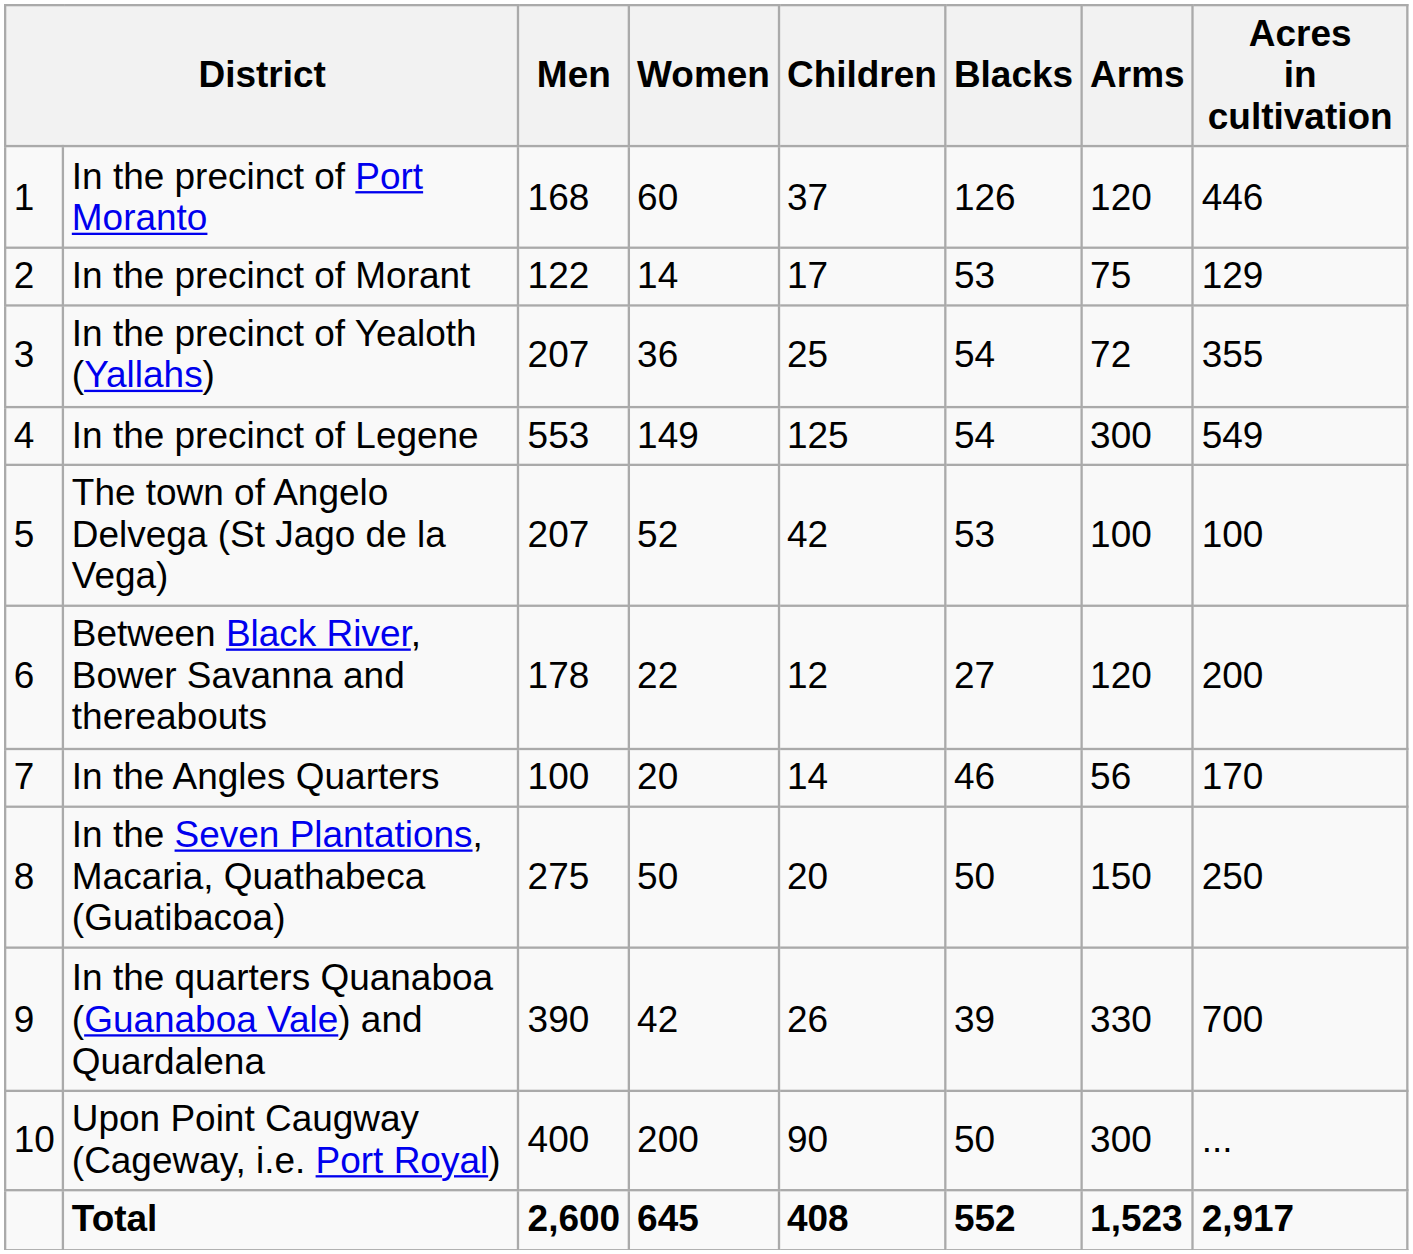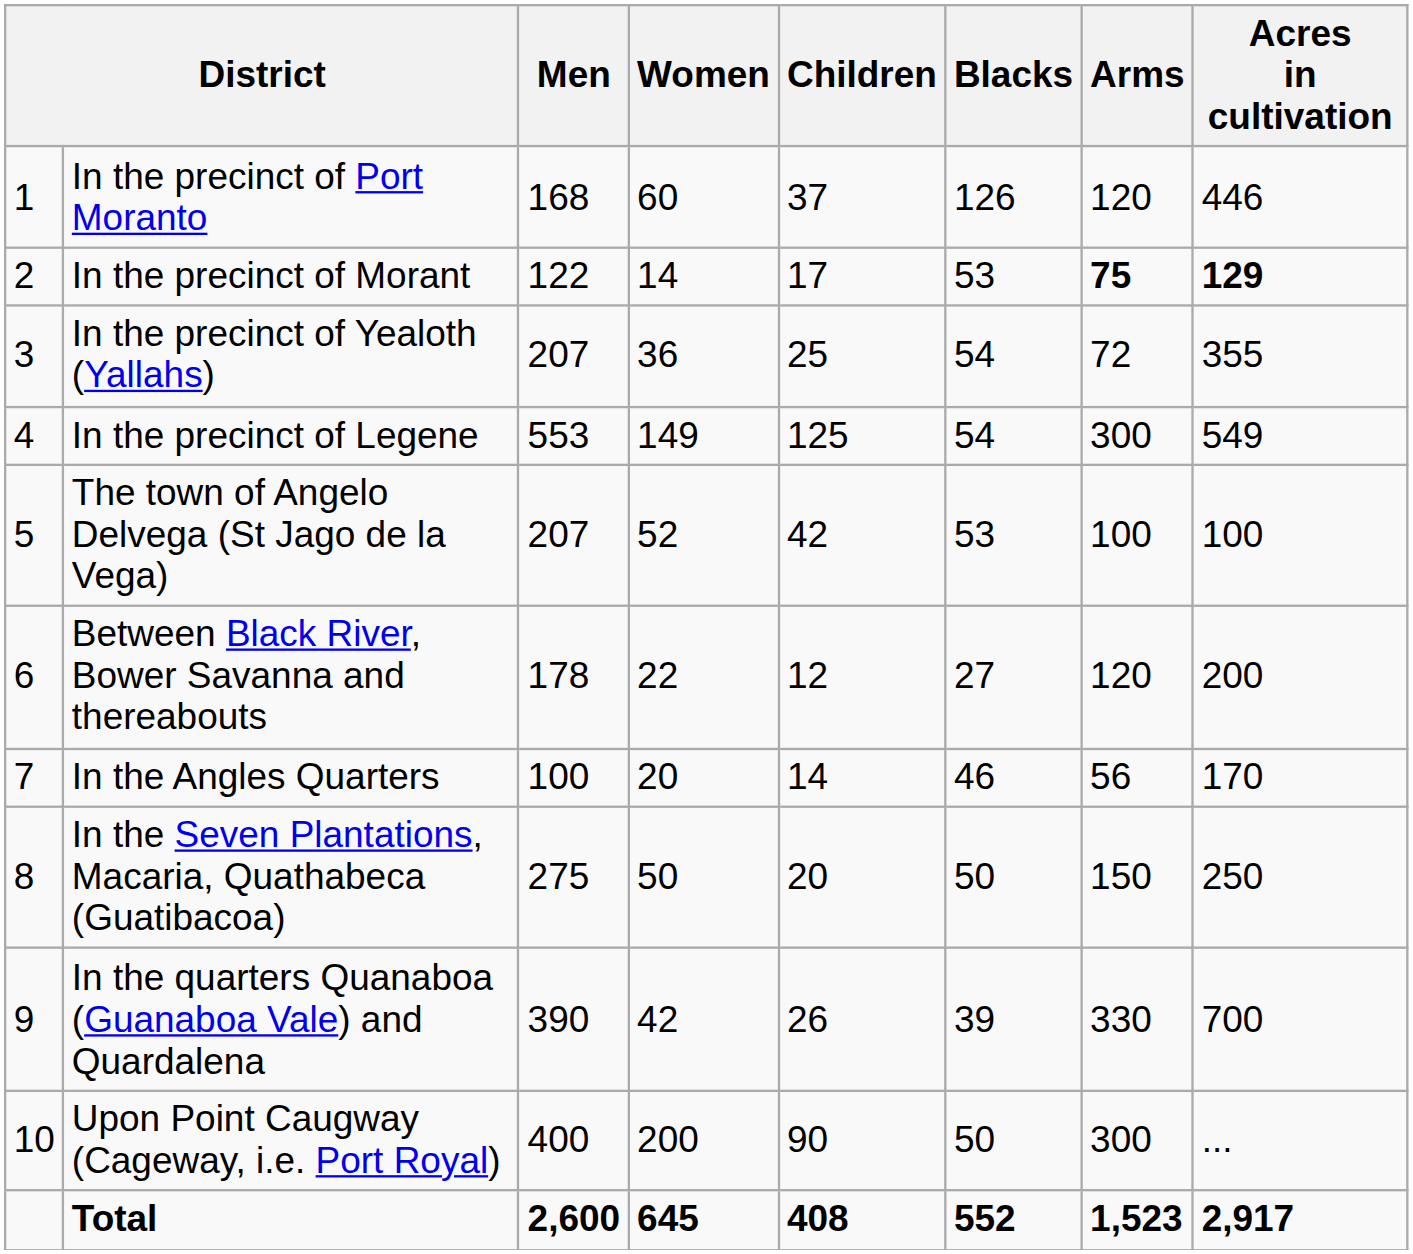 <table class="wikitable">
 <tr>
 <th colspan="2">District</th>
 <th>Men</th>
 <th>Women</th>
 <th>Children</th>
 <th>Blacks</th>
 <th>Arms</th>
 <th>Acres <br>in cultivation</th>
 </tr>
 <tr>
 <td>1</td>
 <td>In the precinct of <a href='#'>Port Moranto</a></td>
 <td>168</td>
 <td>60</td>
 <td>37</td>
 <td>126</td>
 <td>120</td>
 <td>446</td>
 </tr>
 <tr>
 <td>2</td>
 <td>In the precinct of Morant</td>
 <td>122</td>
 <td>14</td>
 <td>17</td>
 <td>53</td>
-<td>75</td>
-<td>129</td>
+<td><strong>75</strong></td>
+<td><strong>129</strong></td>
 </tr>
 <tr>
 <td>3</td>
 <td>In the precinct of Yealoth (<a href='#'>Yallahs</a>)</td>
 <td>207</td>
 <td>36</td>
 <td>25</td>
 <td>54</td>
 <td>72</td>
 <td>355</td>
 </tr>
 <tr>
 <td>4</td>
 <td>In the precinct of Legene</td>
 <td>553</td>
 <td>149</td>
 <td>125</td>
 <td>54</td>
 <td>300</td>
 <td>549</td>
 </tr>
 <tr>
 <td>5</td>
 <td>The town of Angelo Delvega (St Jago de la Vega)</td>
 <td>207</td>
 <td>52</td>
 <td>42</td>
 <td>53</td>
 <td>100</td>
 <td>100</td>
 </tr>
 <tr>
 <td>6</td>
 <td>Between <a href='#'>Black River</a>, Bower Savanna and thereabouts</td>
 <td>178</td>
 <td>22</td>
 <td>12</td>
 <td>27</td>
 <td>120</td>
 <td>200</td>
 </tr>
 <tr>
 <td>7</td>
 <td>In the Angles Quarters</td>
 <td>100</td>
 <td>20</td>
 <td>14</td>
 <td>46</td>
 <td>56</td>
 <td>170</td>
 </tr>
 <tr>
 <td>8</td>
 <td>In the <a href='#'>Seven Plantations</a>, Macaria, Quathabeca (Guatibacoa)</td>
 <td>275</td>
 <td>50</td>
 <td>20</td>
 <td>50</td>
 <td>150</td>
 <td>250</td>
 </tr>
 <tr>
 <td>9</td>
 <td>In the quarters Quanaboa (<a href='#'>Guanaboa Vale</a>) and Quardalena</td>
 <td>390</td>
 <td>42</td>
 <td>26</td>
 <td>39</td>
 <td>330</td>
 <td>700</td>
 </tr>
 <tr>
 <td>10</td>
 <td>Upon Point Caugway (Cageway, i.e. <a href='#'>Port Royal</a>)</td>
 <td>400</td>
 <td>200</td>
 <td>90</td>
 <td>50</td>
 <td>300</td>
 <td>...</td>
 </tr>
 <tr>
 <td></td>
 <td><strong>Total</strong></td>
 <td><strong>2,600</strong></td>
 <td><strong>645</strong></td>
 <td><strong>408</strong></td>
 <td><strong>552</strong></td>
 <td><strong>1,523</strong></td>
 <td><strong>2,917</strong></td>
 </tr>
 </table>
